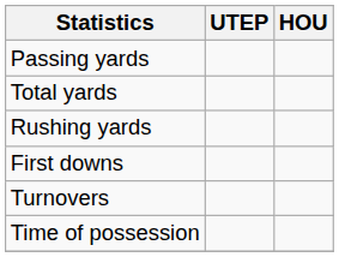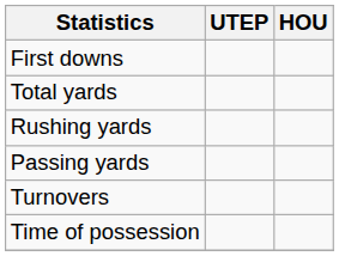 <table class="wikitable">
 <tr>
 <th>Statistics</th>
 <th>UTEP</th>
 <th>HOU</th>
 </tr>
 <tr>
-<td>Passing yards</td>
+<td>First downs</td>
 <td></td>
 <td></td>
 </tr>
 <tr>
 <td>Total yards</td>
 <td></td>
 <td></td>
 </tr>
 <tr>
 <td>Rushing yards</td>
 <td></td>
 <td></td>
 </tr>
 <tr>
-<td>First downs</td>
+<td>Passing yards</td>
 <td></td>
 <td></td>
 </tr>
 <tr>
 <td>Turnovers</td>
 <td></td>
 <td></td>
 </tr>
 <tr>
 <td>Time of possession</td>
 <td></td>
 <td></td>
 </tr>
 <tr>
 </tr>
 </table>
